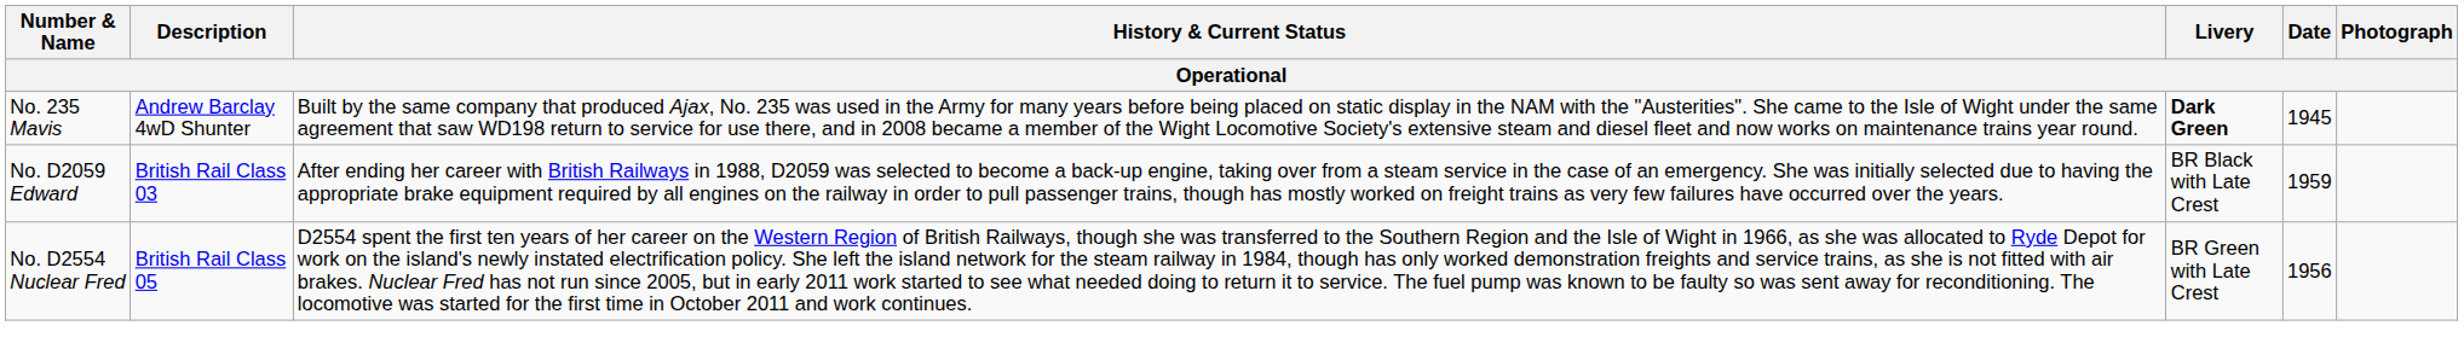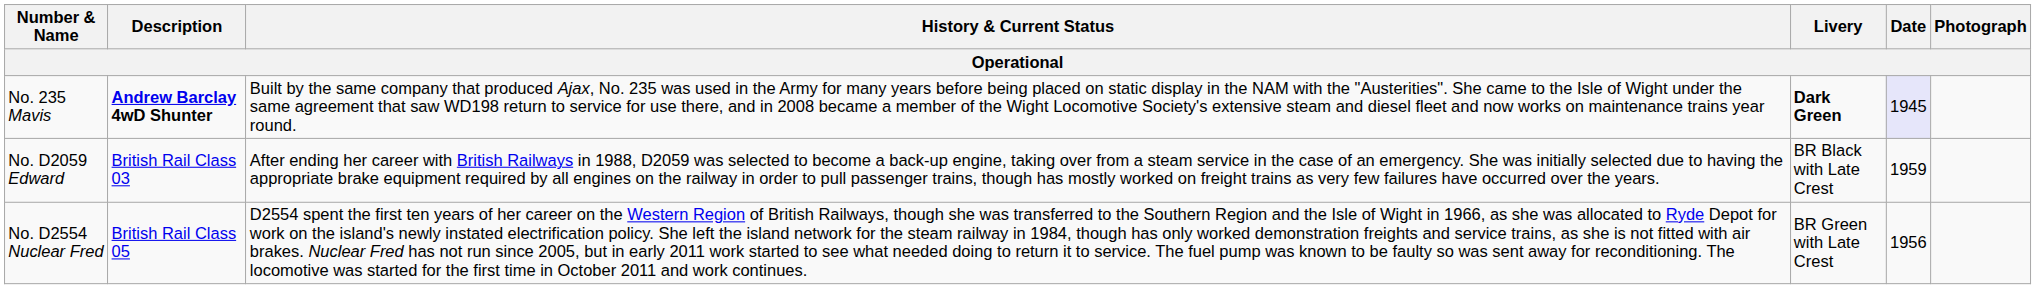 <table class="wikitable">
 <tr>
 <th>Number & Name</th>
 <th>Description</th>
 <th>History & Current Status</th>
 <th>Livery</th>
 <th>Date</th>
 <th>Photograph</th>
 </tr>
 <tr>
 <th colspan="6">Operational</th>
 </tr>
 <tr>
 <td>No. 235 <em>Mavis</em></td>
-<td><a href='#'>Andrew Barclay</a> 4wD Shunter</td>
+<td><strong><a href='#'>Andrew Barclay</a> 4wD Shunter</strong></td>
 <td>Built by the same company that produced <em>Ajax</em>, No. 235 was used in the Army for many years before being placed on static display in the NAM with the "Austerities". She came to the Isle of Wight under the same agreement that saw WD198 return to service for use there, and in 2008 became a member of the Wight Locomotive Society's extensive steam and diesel fleet and now works on maintenance trains year round.</td>
 <td><strong>Dark Green</strong></td>
-<td>1945</td>
+<td style="background: lavender;">1945</td>
 <td></td>
 </tr>
 <tr>
 <td>No. D2059 <em>Edward</em></td>
 <td><a href='#'>British Rail Class 03</a> </td>
 <td>After ending her career with <a href='#'>British Railways</a> in 1988, D2059 was selected to become a back-up engine, taking over from a steam service in the case of an emergency. She was initially selected due to having the appropriate brake equipment required by all engines on the railway in order to pull passenger trains, though has mostly worked on freight trains as very few failures have occurred over the years.</td>
 <td>BR Black with Late Crest</td>
 <td>1959</td>
 <td></td>
 </tr>
 <tr>
 <td>No. D2554 <em>Nuclear Fred</em></td>
 <td><a href='#'>British Rail Class 05</a> </td>
 <td>D2554 spent the first ten years of her career on the <a href='#'>Western Region</a> of British Railways, though she was transferred to the Southern Region and the Isle of Wight in 1966, as she was allocated to <a href='#'>Ryde</a> Depot for work on the island's newly instated electrification policy. She left the island network for the steam railway in 1984, though has only worked demonstration freights and service trains, as she is not fitted with air brakes. <em>Nuclear Fred</em> has not run since 2005, but in early 2011 work started to see what needed doing to return it to service. The fuel pump was known to be faulty so was sent away for reconditioning. The locomotive was started for the first time in October 2011 and work continues.</td>
 <td>BR Green with Late Crest</td>
 <td>1956</td>
 <td></td>
 </tr>
 </table>
